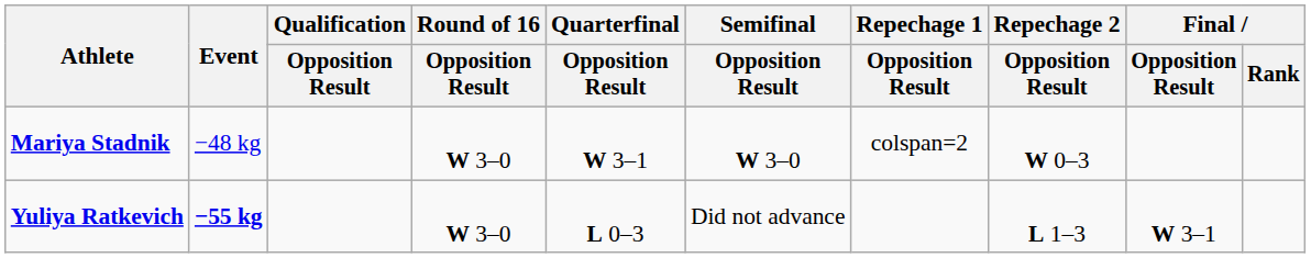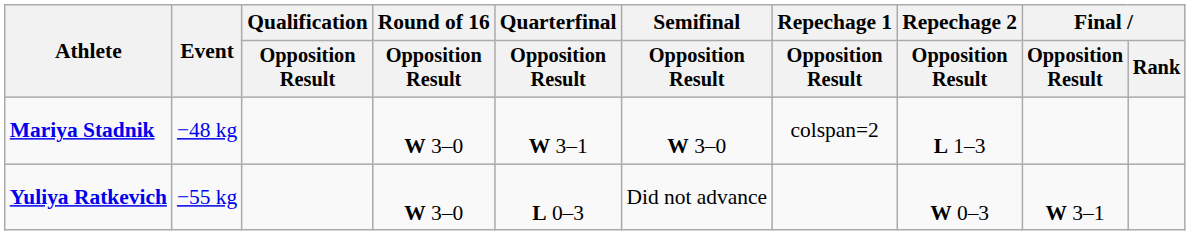 <table class="wikitable" style="font-size:90%">
 <tr>
 <th rowspan="2">Athlete</th>
 <th rowspan="2">Event</th>
 <th>Qualification</th>
 <th>Round of 16</th>
 <th>Quarterfinal</th>
 <th>Semifinal</th>
 <th>Repechage 1</th>
 <th>Repechage 2</th>
 <th colspan=2>Final / </th>
 </tr>
 <tr style="font-size: 95%">
 <th>Opposition<br>Result</th>
 <th>Opposition<br>Result</th>
 <th>Opposition<br>Result</th>
 <th>Opposition<br>Result</th>
 <th>Opposition<br>Result</th>
 <th>Opposition<br>Result</th>
 <th>Opposition<br>Result</th>
 <th>Rank</th>
 </tr>
 <tr align=center>
 <td align=left><strong><a href='#'>Mariya Stadnik</a></strong></td>
 <td align=left><a href='#'>−48 kg</a></td>
 <td></td>
 <td><br><strong>W</strong> 3–0 <sup></sup></td>
 <td><br><strong>W</strong> 3–1 <sup></sup></td>
 <td><br><strong>W</strong> 3–0 <sup></sup></td>
 <td>colspan=2 </td>
-<td><br><strong>W</strong> 0–3 <sup></sup></td>
+<td><br><strong>L</strong> 1–3 <sup></sup></td>
 <td></td>
 </tr>
 <tr align=center>
 <td align=left><strong><a href='#'>Yuliya Ratkevich</a></strong></td>
-<td align=left><strong><a href='#'>−55 kg</a></strong></td>
+<td align=left><a href='#'>−55 kg</a></td>
 <td></td>
 <td><br><strong>W</strong> 3–0 <sup></sup></td>
 <td><br><strong>L</strong> 0–3 <sup></sup></td>
 <td>Did not advance</td>
 <td></td>
-<td><br><strong>L</strong> 1–3 <sup></sup></td>
+<td><br><strong>W</strong> 0–3 <sup></sup></td>
 <td><br><strong>W</strong> 3–1 <sup></sup></td>
 <td></td>
 </tr>
 </table>
